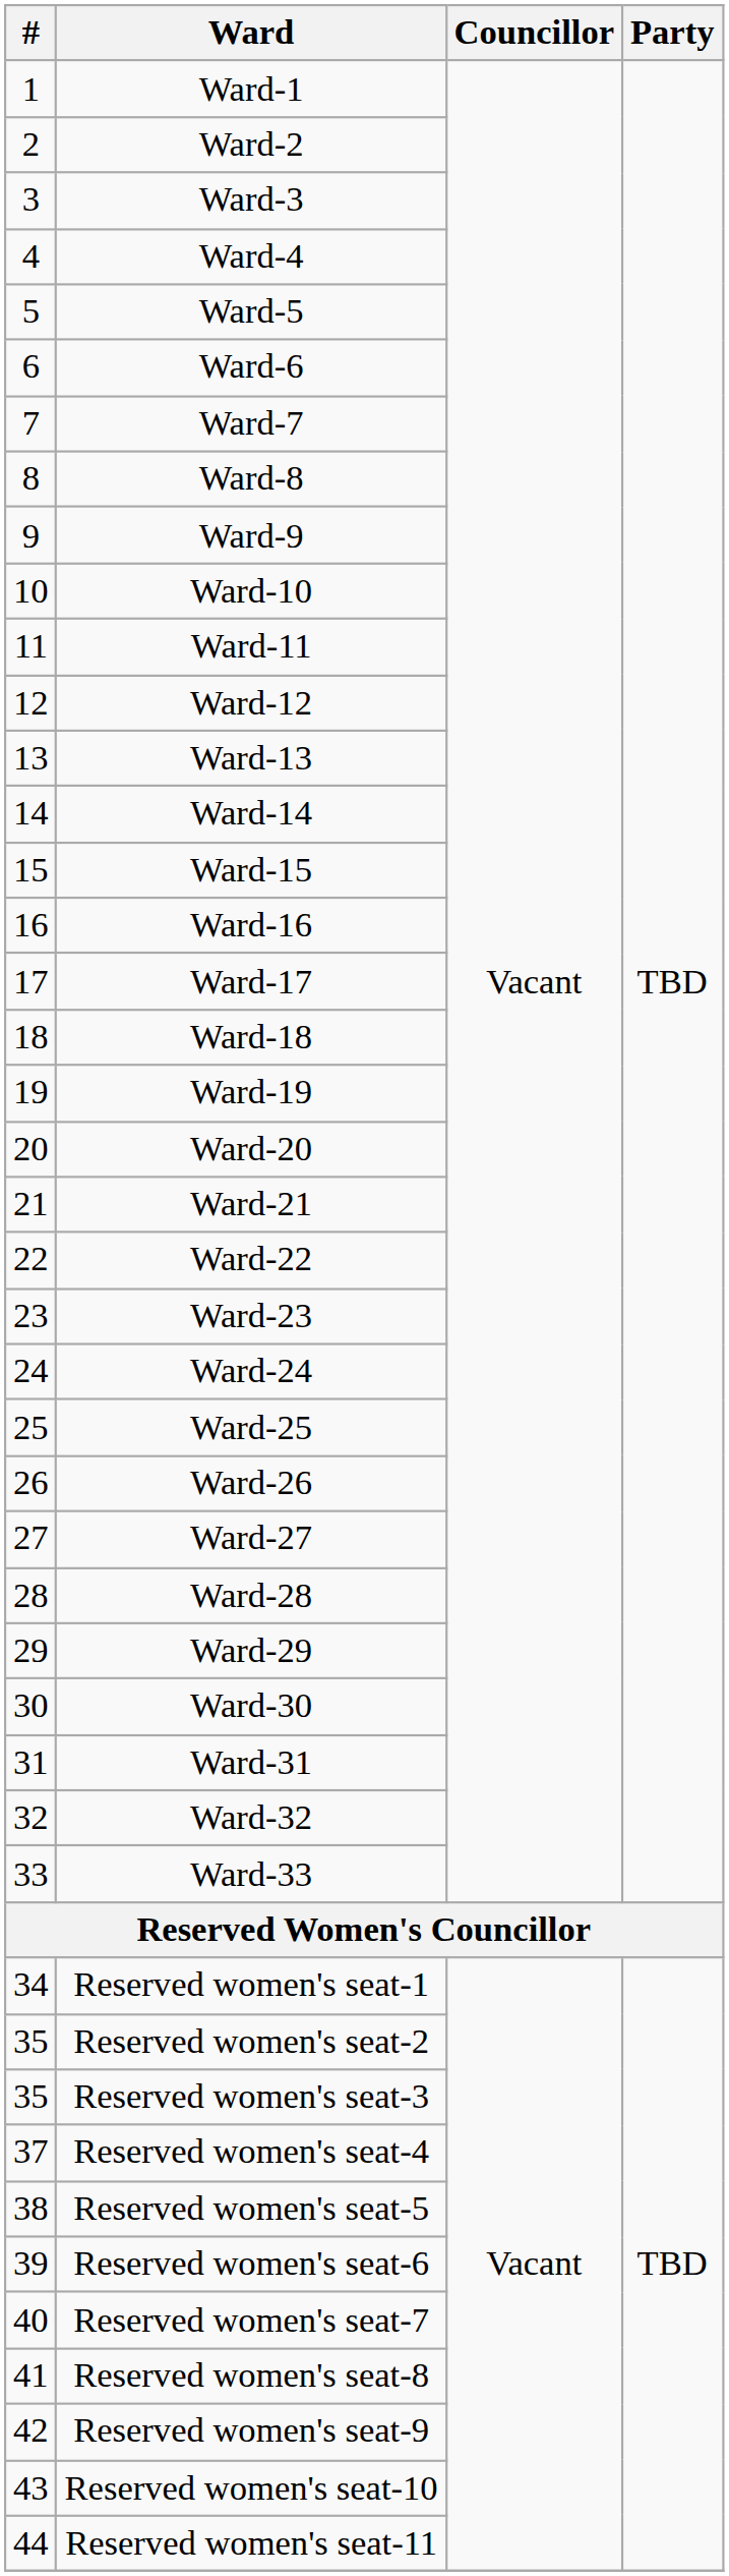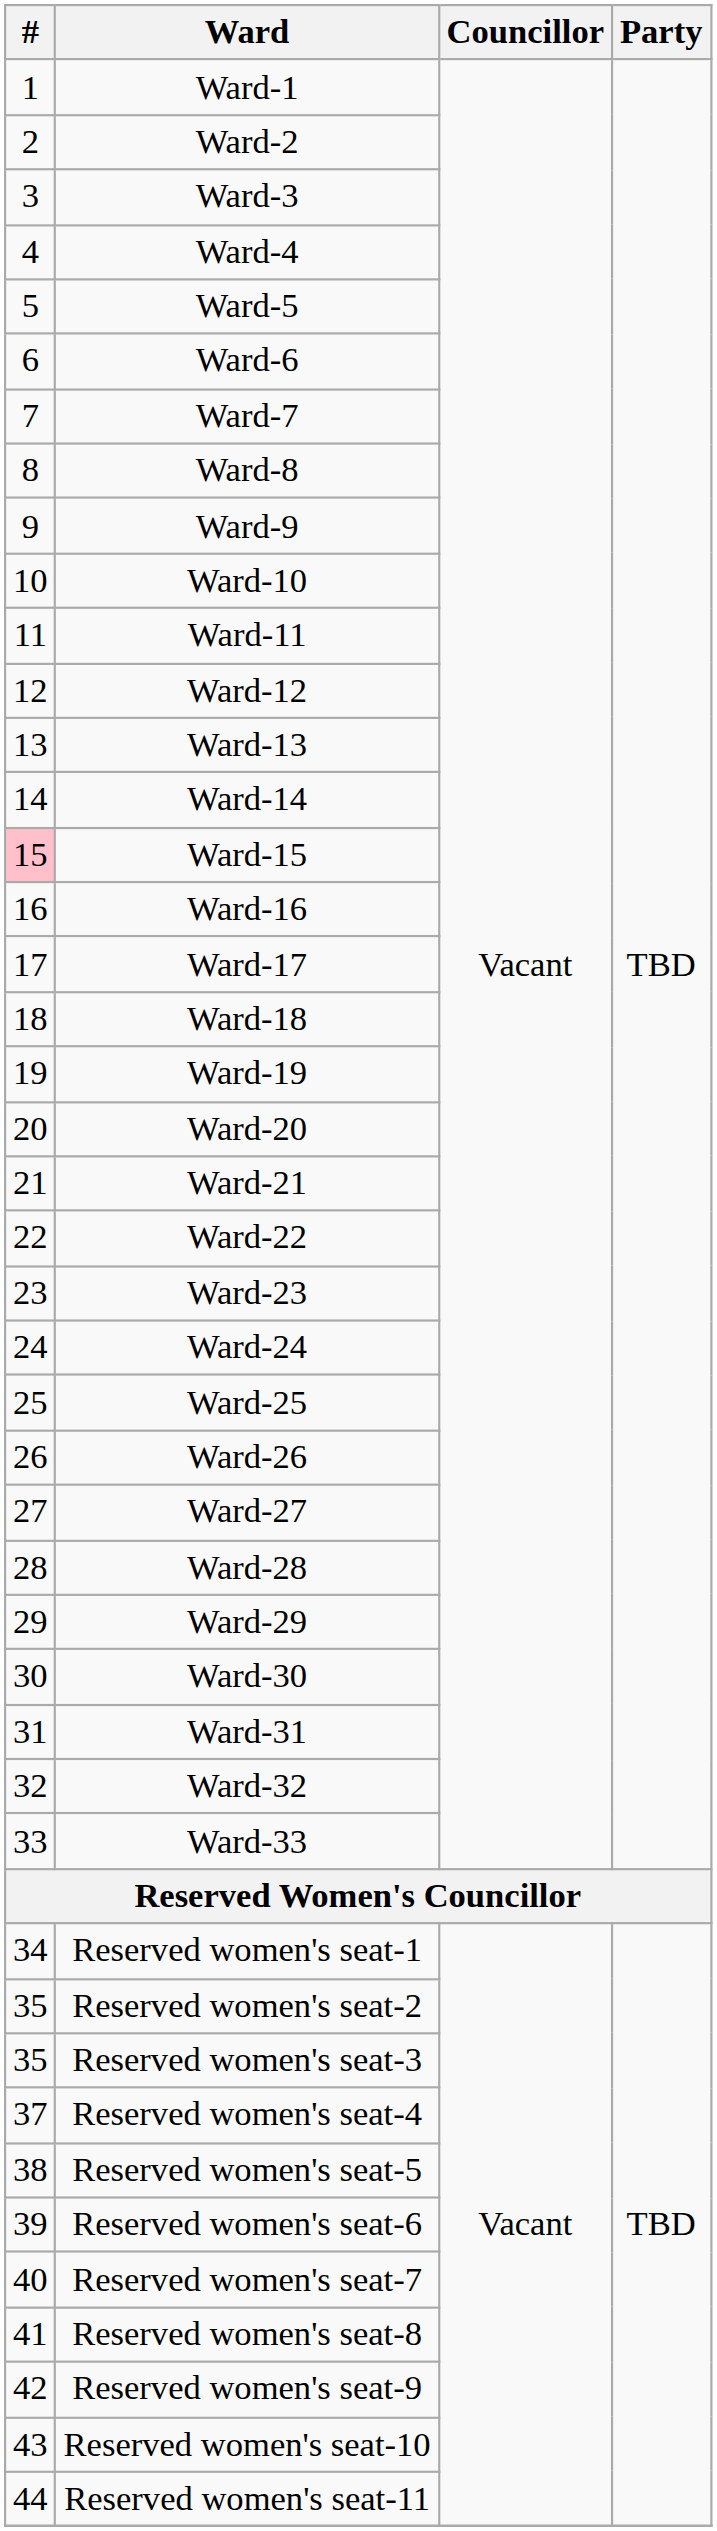 <table class="wikitable sortable" style="text-align:center;">
 <tr>
 <th>#</th>
 <th>Ward</th>
 <th>Councillor</th>
 <th colspan="2">Party</th>
 </tr>
 <tr>
 <td>1</td>
 <td>Ward-1</td>
 <td rowspan="33">Vacant</td>
 <td colspan="2" rowspan="33" bgcolor="">TBD</td>
 </tr>
 <tr>
 <td>2</td>
 <td>Ward-2</td>
 </tr>
 <tr>
 <td>3</td>
 <td>Ward-3</td>
 </tr>
 <tr>
 <td>4</td>
 <td>Ward-4</td>
 </tr>
 <tr>
 <td>5</td>
 <td>Ward-5</td>
 </tr>
 <tr>
 <td>6</td>
 <td>Ward-6</td>
 </tr>
 <tr>
 <td>7</td>
 <td>Ward-7</td>
 </tr>
 <tr>
 <td>8</td>
 <td>Ward-8</td>
 </tr>
 <tr>
 <td>9</td>
 <td>Ward-9</td>
 </tr>
 <tr>
 <td>10</td>
 <td>Ward-10</td>
 </tr>
 <tr>
 <td>11</td>
 <td>Ward-11</td>
 </tr>
 <tr>
 <td>12</td>
 <td>Ward-12</td>
 </tr>
 <tr>
 <td>13</td>
 <td>Ward-13</td>
 </tr>
 <tr>
 <td>14</td>
 <td>Ward-14</td>
 </tr>
 <tr>
-<td>15</td>
+<td style="background: pink;">15</td>
 <td>Ward-15</td>
 </tr>
 <tr>
 <td>16</td>
 <td>Ward-16</td>
 </tr>
 <tr>
 <td>17</td>
 <td>Ward-17</td>
 </tr>
 <tr>
 <td>18</td>
 <td>Ward-18</td>
 </tr>
 <tr>
 <td>19</td>
 <td>Ward-19</td>
 </tr>
 <tr>
 <td>20</td>
 <td>Ward-20</td>
 </tr>
 <tr>
 <td>21</td>
 <td>Ward-21</td>
 </tr>
 <tr>
 <td>22</td>
 <td>Ward-22</td>
 </tr>
 <tr>
 <td>23</td>
 <td>Ward-23</td>
 </tr>
 <tr>
 <td>24</td>
 <td>Ward-24</td>
 </tr>
 <tr>
 <td>25</td>
 <td>Ward-25</td>
 </tr>
 <tr>
 <td>26</td>
 <td>Ward-26</td>
 </tr>
 <tr>
 <td>27</td>
 <td>Ward-27</td>
 </tr>
 <tr>
 <td>28</td>
 <td>Ward-28</td>
 </tr>
 <tr>
 <td>29</td>
 <td>Ward-29</td>
 </tr>
 <tr>
 <td>30</td>
 <td>Ward-30</td>
 </tr>
 <tr>
 <td>31</td>
 <td>Ward-31</td>
 </tr>
 <tr>
 <td>32</td>
 <td>Ward-32</td>
 </tr>
 <tr>
 <td>33</td>
 <td>Ward-33</td>
 </tr>
 <tr>
 <th colspan="5"><strong>Reserved Women's Councillor</strong></th>
 </tr>
 <tr>
 <td>34</td>
 <td>Reserved women's seat-1</td>
 <td rowspan="11">Vacant</td>
 <td colspan="2" rowspan="11" bgcolor="">TBD</td>
 </tr>
 <tr>
 <td>35</td>
 <td>Reserved women's seat-2</td>
 </tr>
 <tr>
 <td>35</td>
 <td>Reserved women's seat-3</td>
 </tr>
 <tr>
 <td>37</td>
 <td>Reserved women's seat-4</td>
 </tr>
 <tr>
 <td>38</td>
 <td>Reserved women's seat-5</td>
 </tr>
 <tr>
 <td>39</td>
 <td>Reserved women's seat-6</td>
 </tr>
 <tr>
 <td>40</td>
 <td>Reserved women's seat-7</td>
 </tr>
 <tr>
 <td>41</td>
 <td>Reserved women's seat-8</td>
 </tr>
 <tr>
 <td>42</td>
 <td>Reserved women's seat-9</td>
 </tr>
 <tr>
 <td>43</td>
 <td>Reserved women's seat-10</td>
 </tr>
 <tr>
 <td>44</td>
 <td>Reserved women's seat-11</td>
 </tr>
 <tr>
 </tr>
 </table>
